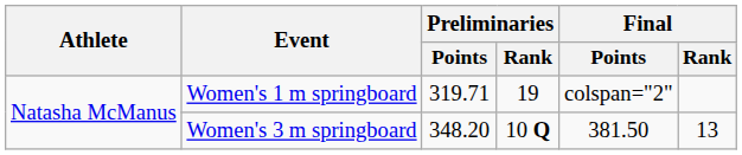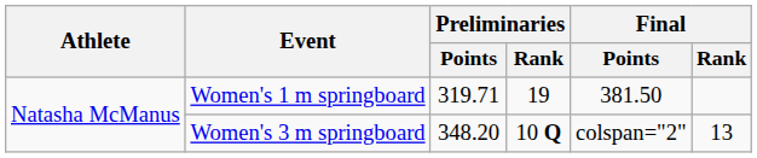 <table class="wikitable" style="font-size:90%;">
 <tr>
 <th rowspan=2>Athlete</th>
 <th rowspan=2>Event</th>
 <th colspan=2>Preliminaries</th>
 <th colspan=2>Final</th>
 </tr>
 <tr style="font-size:95%">
 <th>Points</th>
 <th>Rank</th>
 <th>Points</th>
 <th>Rank</th>
 </tr>
 <tr align=center>
 <td rowspan="2" align=left><a href='#'>Natasha McManus</a></td>
 <td><a href='#'>Women's 1 m springboard</a></td>
 <td>319.71</td>
 <td>19</td>
-<td>colspan="2" </td>
+<td>381.50</td>
 </tr>
 <tr align="center">
 <td><a href='#'>Women's 3 m springboard</a></td>
 <td>348.20</td>
 <td>10 <strong>Q</strong></td>
-<td>381.50</td>
+<td>colspan="2" </td>
 <td>13</td>
 </tr>
 </table>
